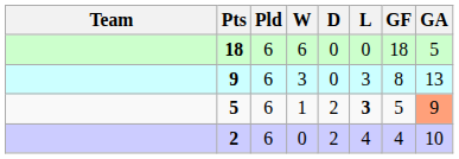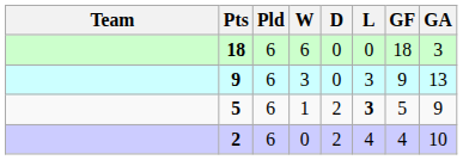 <table class="wikitable" style="text-align: center;">
 <tr>
 <th width=175>Team</th>
 <th width=20 abbr="Points">Pts</th>
 <th width=20 abbr="Played">Pld</th>
 <th width=20 abbr="Won">W</th>
 <th width=20 abbr="Drawn">D</th>
 <th width=20 abbr="Lost">L</th>
 <th width=20 abbr="Goals for">GF</th>
 <th width=20 abbr="Goals against">GA</th>
 </tr>
 <tr style="background:#ccffcc;">
 <td align=left></td>
 <td><strong>18</strong></td>
 <td>6</td>
 <td>6</td>
 <td>0</td>
 <td>0</td>
 <td>18</td>
-<td>5</td>
+<td>3</td>
 </tr>
 <tr align=center bgcolor="#ccffff">
 <td align=left></td>
 <td><strong>9</strong></td>
 <td>6</td>
 <td>3</td>
 <td>0</td>
 <td>3</td>
-<td>8</td>
+<td>9</td>
 <td>13</td>
 </tr>
 <tr align=center>
 <td align=left></td>
 <td><strong>5</strong></td>
 <td>6</td>
 <td>1</td>
 <td>2</td>
 <td><strong>3</strong></td>
 <td>5</td>
-<td style="background: lightsalmon;">9</td>
+<td>9</td>
 </tr>
 <tr align=center bgcolor="#ccccff">
 <td align=left></td>
 <td><strong>2</strong></td>
 <td>6</td>
 <td>0</td>
 <td>2</td>
 <td>4</td>
 <td>4</td>
 <td>10</td>
 </tr>
 </table>
